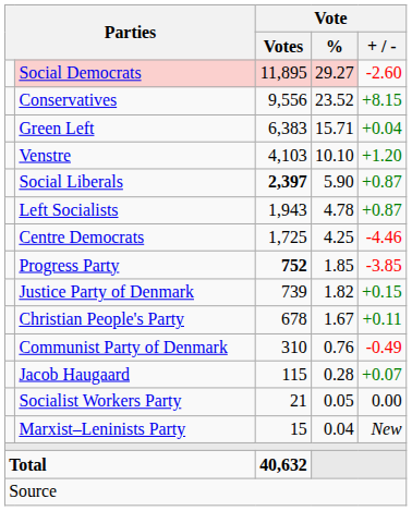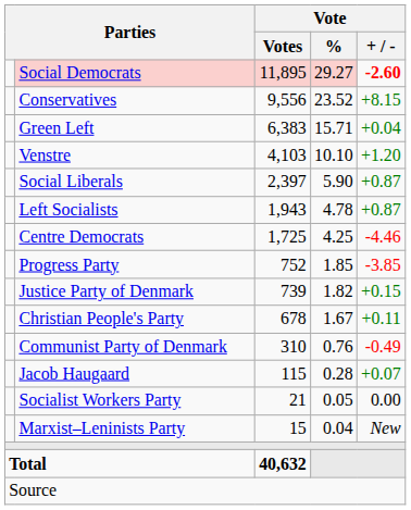 <table class="wikitable" style="text-align:right;">
 <tr>
 <th style="text-align:centre;" rowspan="2" colspan="2" width="225">Parties</th>
 <th colspan="3">Vote</th>
 </tr>
 <tr>
 <th width="15">Votes</th>
 <th width="15">%</th>
 <th width="15">+ / -</th>
 </tr>
 <tr>
 <td width="2" style="color:inherit;background:"></td>
 <td bgcolor=#fbd0ce  align="left"><a href='#'>Social Democrats</a></td>
 <td bgcolor=#fbd0ce>11,895</td>
 <td bgcolor=#fbd0ce>29.27</td>
-<td style=color:red;>-2.60</td>
+<td style=color:red;><strong>-2.60</strong></td>
 </tr>
 <tr>
 <td width="2" style="color:inherit;background:"></td>
 <td align="left"><a href='#'>Conservatives</a></td>
 <td>9,556</td>
 <td>23.52</td>
 <td style=color:green;>+8.15</td>
 </tr>
 <tr>
 <td width="2" style="color:inherit;background:"></td>
 <td align="left"><a href='#'>Green Left</a></td>
 <td>6,383</td>
 <td>15.71</td>
 <td style=color:green;>+0.04</td>
 </tr>
 <tr>
 <td width="2" style="color:inherit;background:"></td>
 <td align="left"><a href='#'>Venstre</a></td>
 <td>4,103</td>
 <td>10.10</td>
 <td style=color:green;>+1.20</td>
 </tr>
 <tr>
 <td width="2" style="color:inherit;background:"></td>
 <td align="left"><a href='#'>Social Liberals</a></td>
-<td><strong>2,397</strong></td>
+<td>2,397</td>
 <td>5.90</td>
 <td style=color:green;>+0.87</td>
 </tr>
 <tr>
 <td width="2" style="color:inherit;background:"></td>
 <td align="left"><a href='#'>Left Socialists</a></td>
 <td>1,943</td>
 <td>4.78</td>
 <td style=color:green;>+0.87</td>
 </tr>
 <tr>
 <td width="2" style="color:inherit;background:"></td>
 <td align="left"><a href='#'>Centre Democrats</a></td>
 <td>1,725</td>
 <td>4.25</td>
 <td style=color:red;>-4.46</td>
 </tr>
 <tr>
 <td width="2" style="color:inherit;background:"></td>
 <td align="left"><a href='#'>Progress Party</a></td>
-<td><strong>752</strong></td>
+<td>752</td>
 <td>1.85</td>
 <td style=color:red;>-3.85</td>
 </tr>
 <tr>
 <td width="2" style="color:inherit;background:"></td>
 <td align="left"><a href='#'>Justice Party of Denmark</a></td>
 <td>739</td>
 <td>1.82</td>
 <td style=color:green;>+0.15</td>
 </tr>
 <tr>
 <td width="2" style="color:inherit;background:"></td>
 <td align="left"><a href='#'>Christian People's Party</a></td>
 <td>678</td>
 <td>1.67</td>
 <td style=color:green;>+0.11</td>
 </tr>
 <tr>
 <td width="2" style="color:inherit;background:"></td>
 <td align="left"><a href='#'>Communist Party of Denmark</a></td>
 <td>310</td>
 <td>0.76</td>
 <td style=color:red;>-0.49</td>
 </tr>
 <tr>
 <td width="2" style="color:inherit;background:"></td>
 <td align="left"><a href='#'>Jacob Haugaard</a></td>
 <td>115</td>
 <td>0.28</td>
 <td style=color:green;>+0.07</td>
 </tr>
 <tr>
 <td width="2" style="color:inherit;background:"></td>
 <td align="left"><a href='#'>Socialist Workers Party</a></td>
 <td>21</td>
 <td>0.05</td>
 <td>0.00</td>
 </tr>
 <tr>
 <td width="2" style="color:inherit;background:"></td>
 <td align="left"><a href='#'>Marxist–Leninists Party</a></td>
 <td>15</td>
 <td>0.04</td>
 <td><em>New</em></td>
 </tr>
 <tr>
 <td colspan="7" bgcolor="#E9E9E9"></td>
 </tr>
 <tr>
 <td align="left" colspan="2"><strong>Total</strong></td>
 <td><strong>40,632</strong></td>
 <td bgcolor="#E9E9E9" colspan="2"></td>
 </tr>
 <tr>
 <td align="left" colspan="6">Source</td>
 </tr>
 </table>
